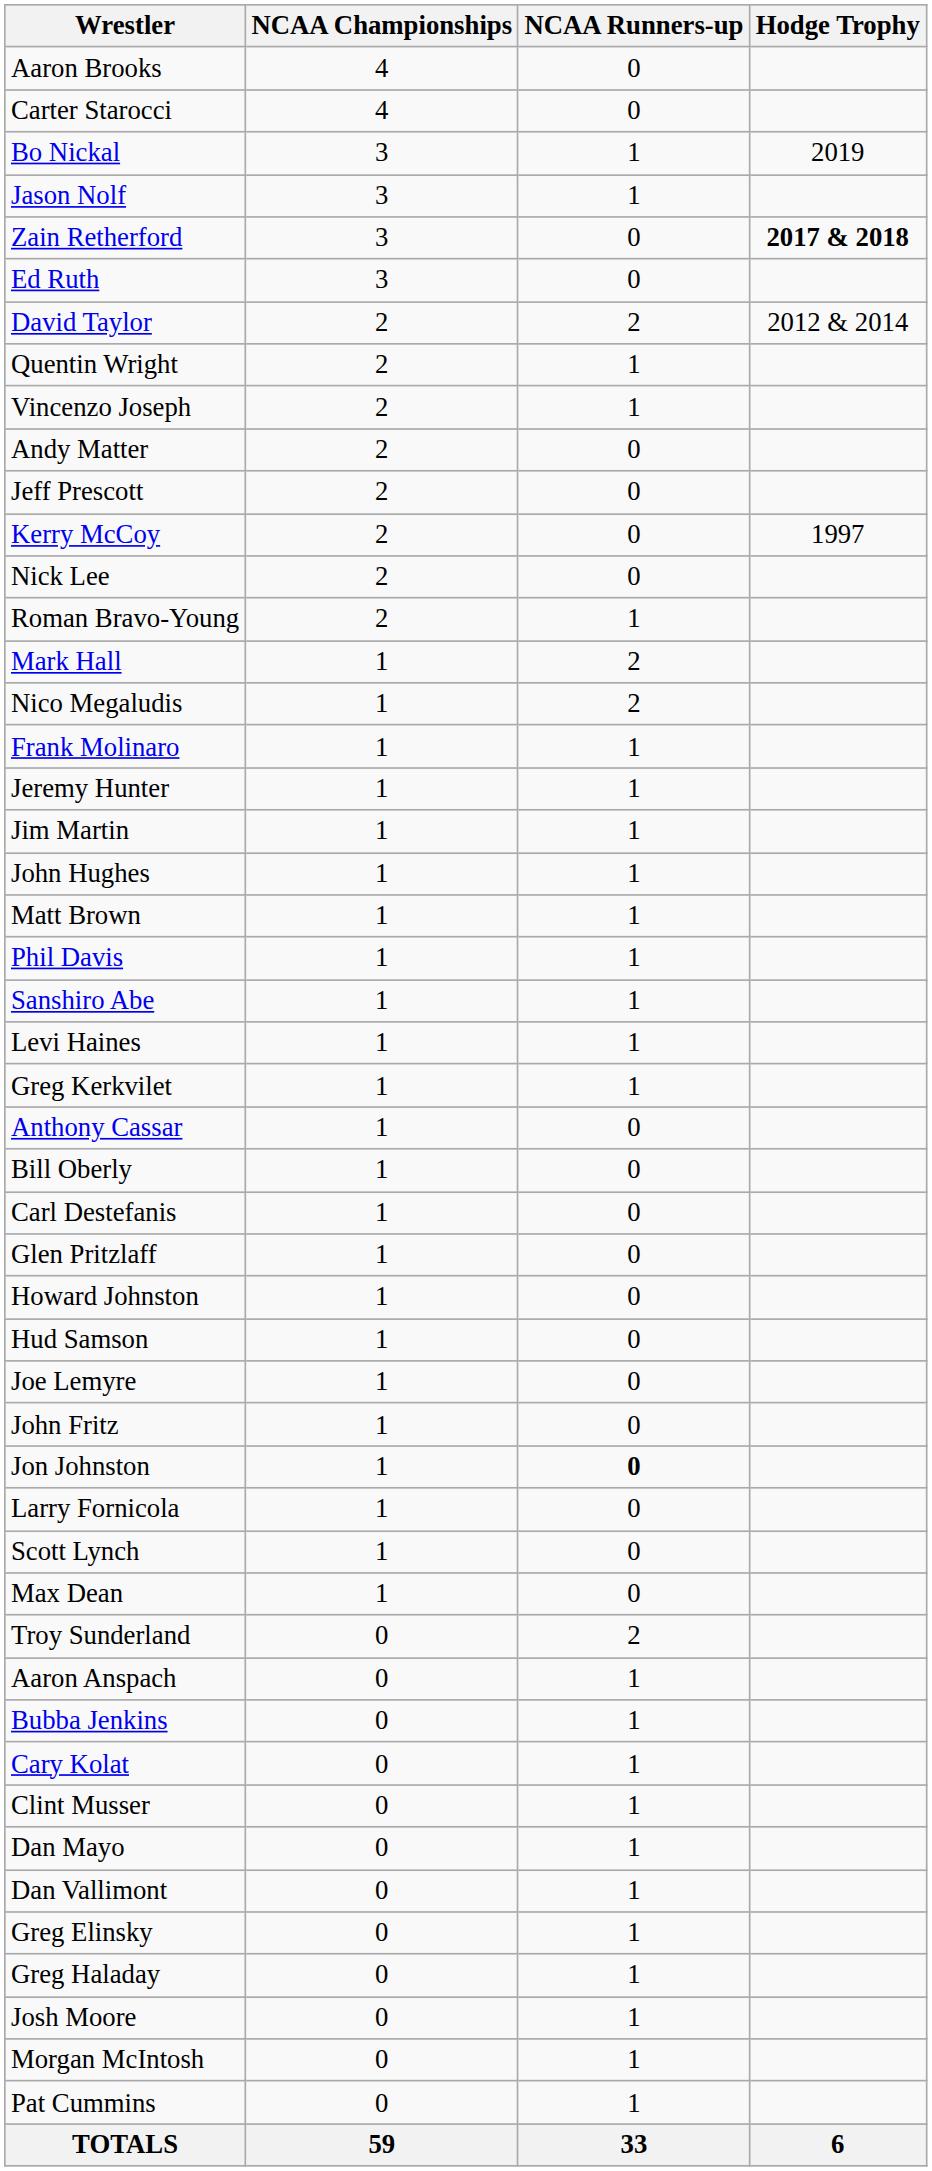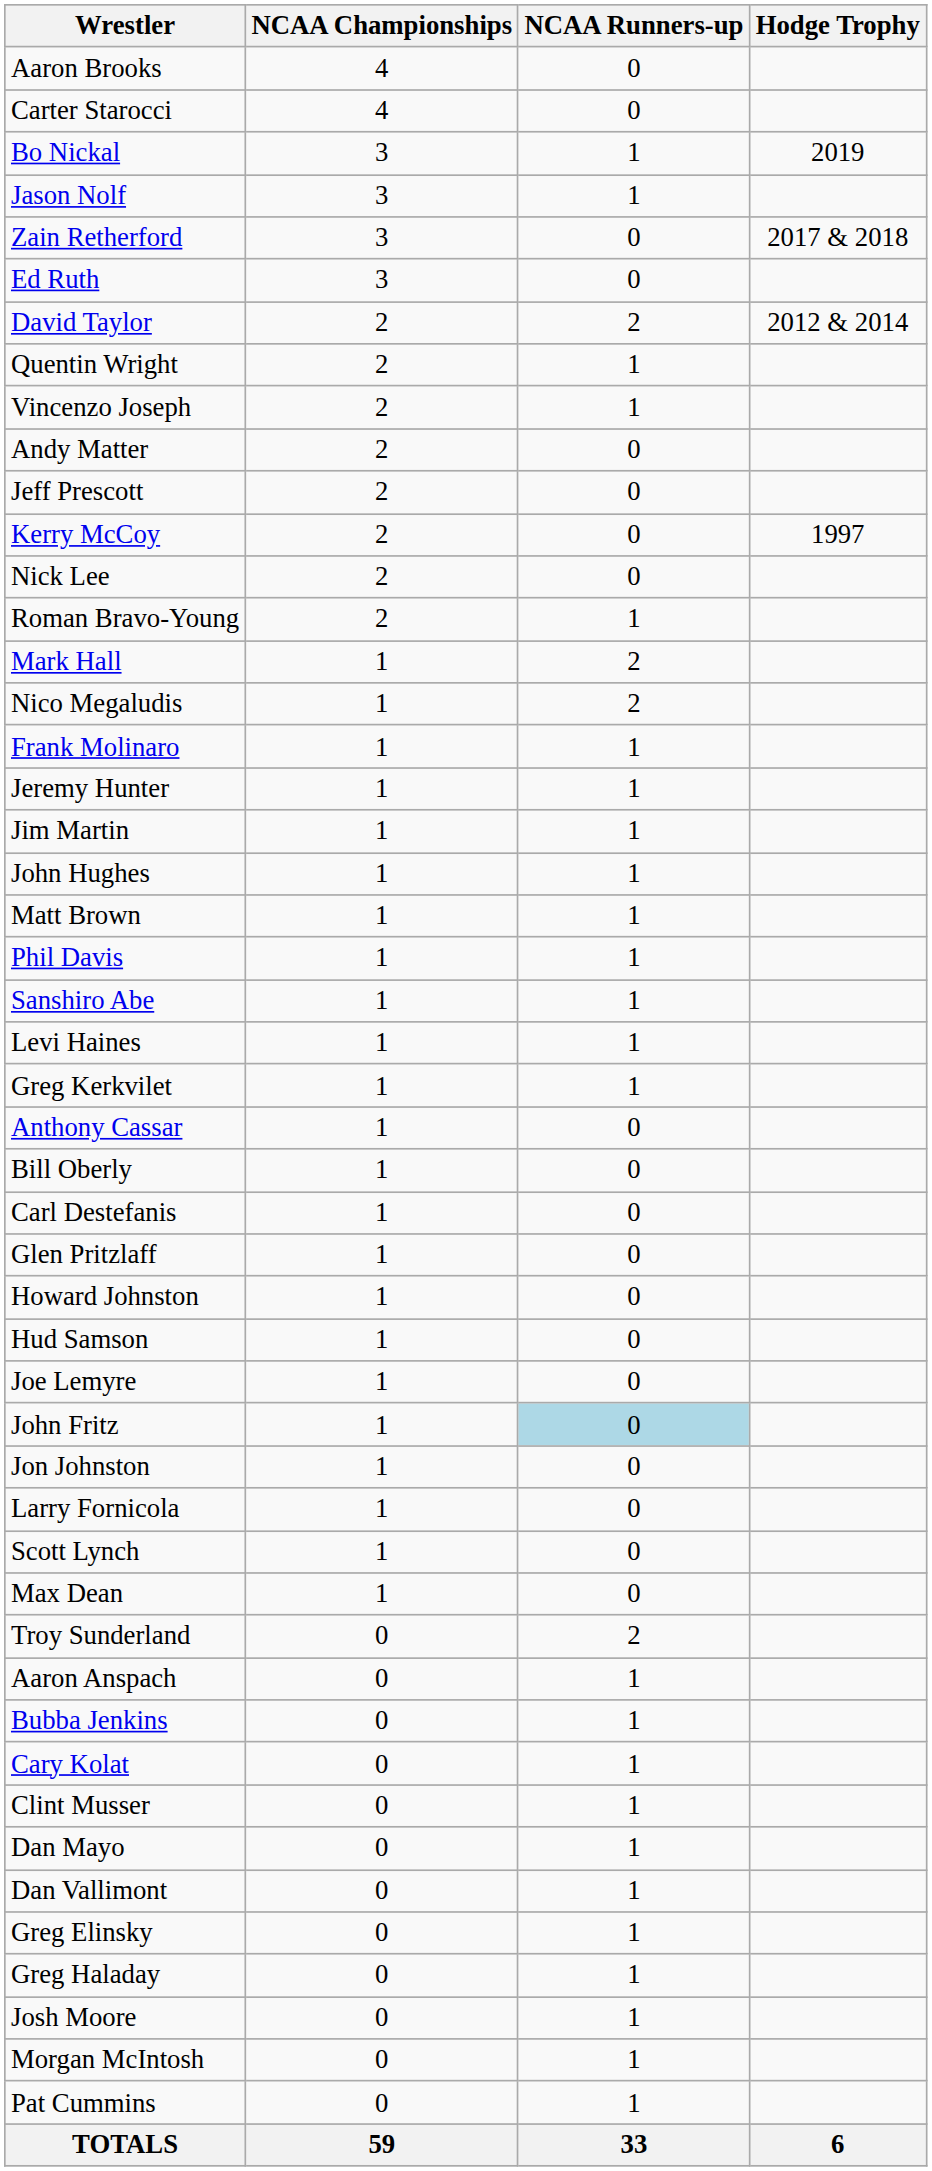 <table class="wikitable">
 <tr>
 <th>Wrestler</th>
 <th>NCAA Championships</th>
 <th>NCAA Runners-up</th>
 <th>Hodge Trophy</th>
 </tr>
 <tr>
 <td>Aaron Brooks</td>
 <td align=center>4</td>
 <td align=center>0</td>
 <td></td>
 </tr>
 <tr>
 <td>Carter Starocci</td>
 <td align=center>4</td>
 <td align=center>0</td>
 <td></td>
 </tr>
 <tr>
 <td><a href='#'>Bo Nickal</a></td>
 <td align="center">3</td>
 <td align="center">1</td>
 <td align="center">2019</td>
 </tr>
 <tr>
 <td><a href='#'>Jason Nolf</a></td>
 <td align="center">3</td>
 <td align="center">1</td>
 <td></td>
 </tr>
 <tr>
 <td><a href='#'>Zain Retherford</a></td>
 <td align=center>3</td>
 <td align=center>0</td>
-<td align="center"><strong>2017 & 2018</strong></td>
+<td align="center">2017 & 2018</td>
 </tr>
 <tr>
 <td><a href='#'>Ed Ruth</a></td>
 <td align=center>3</td>
 <td align=center>0</td>
 <td></td>
 </tr>
 <tr>
 <td><a href='#'>David Taylor</a></td>
 <td align=center>2</td>
 <td align=center>2</td>
 <td align="center">2012 & 2014</td>
 </tr>
 <tr>
 <td>Quentin Wright</td>
 <td align=center>2</td>
 <td align=center>1</td>
 <td></td>
 </tr>
 <tr>
 <td>Vincenzo Joseph</td>
 <td align="center">2</td>
 <td align="center">1</td>
 <td></td>
 </tr>
 <tr>
 <td>Andy Matter</td>
 <td align="center">2</td>
 <td align="center">0</td>
 <td></td>
 </tr>
 <tr>
 <td>Jeff Prescott</td>
 <td align="center">2</td>
 <td align="center">0</td>
 <td></td>
 </tr>
 <tr>
 <td><a href='#'>Kerry McCoy</a></td>
 <td align="center">2</td>
 <td align="center">0</td>
 <td align="center">1997</td>
 </tr>
 <tr>
 <td>Nick Lee</td>
 <td align=center>2</td>
 <td align=center>0</td>
 <td></td>
 </tr>
 <tr>
 <td>Roman Bravo-Young</td>
 <td align=center>2</td>
 <td align=center>1</td>
 <td></td>
 </tr>
 <tr>
 <td><a href='#'>Mark Hall</a></td>
 <td align="center">1</td>
 <td align="center">2</td>
 <td></td>
 </tr>
 <tr>
 <td>Nico Megaludis</td>
 <td align=center>1</td>
 <td align=center>2</td>
 <td></td>
 </tr>
 <tr>
 <td><a href='#'>Frank Molinaro</a></td>
 <td align=center>1</td>
 <td align=center>1</td>
 <td></td>
 </tr>
 <tr>
 <td>Jeremy Hunter</td>
 <td align="center">1</td>
 <td align="center">1</td>
 <td></td>
 </tr>
 <tr>
 <td>Jim Martin</td>
 <td align="center">1</td>
 <td align="center">1</td>
 <td></td>
 </tr>
 <tr>
 <td>John Hughes</td>
 <td align="center">1</td>
 <td align="center">1</td>
 <td></td>
 </tr>
 <tr>
 <td>Matt Brown</td>
 <td align="center">1</td>
 <td align="center">1</td>
 <td></td>
 </tr>
 <tr>
 <td><a href='#'>Phil Davis</a></td>
 <td align=center>1</td>
 <td align=center>1</td>
 <td></td>
 </tr>
 <tr>
 <td><a href='#'>Sanshiro Abe</a></td>
 <td align=center>1</td>
 <td align=center>1</td>
 <td></td>
 </tr>
 <tr>
 <td>Levi Haines</td>
 <td align="center">1</td>
 <td align="center">1</td>
 <td></td>
 </tr>
 <tr>
 <td>Greg Kerkvilet</td>
 <td align="center">1</td>
 <td align="center">1</td>
 <td></td>
 </tr>
 <tr>
 <td><a href='#'>Anthony Cassar</a></td>
 <td align="center">1</td>
 <td align="center">0</td>
 <td></td>
 </tr>
 <tr>
 <td>Bill Oberly</td>
 <td align="center">1</td>
 <td align="center">0</td>
 <td></td>
 </tr>
 <tr>
 <td>Carl Destefanis</td>
 <td align="center">1</td>
 <td align="center">0</td>
 <td></td>
 </tr>
 <tr>
 <td>Glen Pritzlaff</td>
 <td align=center>1</td>
 <td align=center>0</td>
 <td></td>
 </tr>
 <tr>
 <td>Howard Johnston</td>
 <td align="center">1</td>
 <td align="center">0</td>
 <td></td>
 </tr>
 <tr>
 <td>Hud Samson</td>
 <td align="center">1</td>
 <td align="center">0</td>
 <td></td>
 </tr>
 <tr>
 <td>Joe Lemyre</td>
 <td align="center">1</td>
 <td align="center">0</td>
 <td></td>
 </tr>
 <tr>
 <td>John Fritz</td>
 <td align="center">1</td>
-<td align="center">0</td>
+<td align="center" style="background: lightblue;">0</td>
 <td></td>
 </tr>
 <tr>
 <td>Jon Johnston</td>
 <td align="center">1</td>
-<td align="center"><strong>0</strong></td>
+<td align="center">0</td>
 <td></td>
 </tr>
 <tr>
 <td>Larry Fornicola</td>
 <td align="center">1</td>
 <td align="center">0</td>
 <td></td>
 </tr>
 <tr>
 <td>Scott Lynch</td>
 <td align=center>1</td>
 <td align=center>0</td>
 <td></td>
 </tr>
 <tr>
 <td>Max Dean</td>
 <td align=center>1</td>
 <td align=center>0</td>
 <td></td>
 </tr>
 <tr>
 <td>Troy Sunderland</td>
 <td align=center>0</td>
 <td align=center>2</td>
 <td></td>
 </tr>
 <tr>
 <td>Aaron Anspach</td>
 <td align="center">0</td>
 <td align="center">1</td>
 <td></td>
 </tr>
 <tr>
 <td><a href='#'>Bubba Jenkins</a></td>
 <td align="center">0</td>
 <td align="center">1</td>
 <td></td>
 </tr>
 <tr>
 <td><a href='#'>Cary Kolat</a></td>
 <td align="center">0</td>
 <td align="center">1</td>
 <td></td>
 </tr>
 <tr>
 <td>Clint Musser</td>
 <td align="center">0</td>
 <td align="center">1</td>
 <td></td>
 </tr>
 <tr>
 <td>Dan Mayo</td>
 <td align="center">0</td>
 <td align="center">1</td>
 <td></td>
 </tr>
 <tr>
 <td>Dan Vallimont</td>
 <td align="center">0</td>
 <td align="center">1</td>
 <td></td>
 </tr>
 <tr>
 <td>Greg Elinsky</td>
 <td align="center">0</td>
 <td align="center">1</td>
 <td></td>
 </tr>
 <tr>
 <td>Greg Haladay</td>
 <td align="center">0</td>
 <td align="center">1</td>
 <td></td>
 </tr>
 <tr>
 <td>Josh Moore</td>
 <td align=center>0</td>
 <td align=center>1</td>
 <td></td>
 </tr>
 <tr>
 <td>Morgan McIntosh</td>
 <td align=center>0</td>
 <td align=center>1</td>
 <td></td>
 </tr>
 <tr>
 <td>Pat Cummins</td>
 <td align="center">0</td>
 <td align="center">1</td>
 <td></td>
 </tr>
 <tr>
 <th>TOTALS</th>
 <th>59</th>
 <th>33</th>
 <th>6</th>
 </tr>
 </table>
